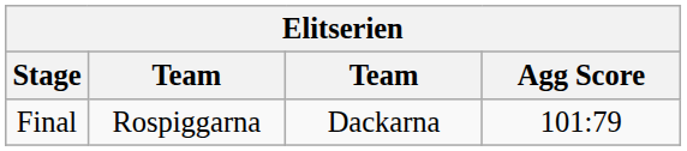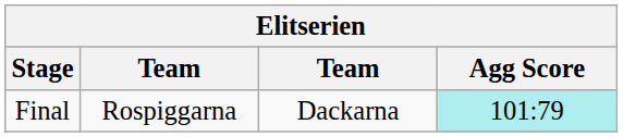 <table class="wikitable">
 <tr>
 <th colspan="4">Elitserien</th>
 </tr>
 <tr>
 <th width=20>Stage</th>
 <th width=100>Team</th>
 <th width=100>Team</th>
 <th width=100>Agg Score</th>
 </tr>
 <tr align=center>
 <td>Final</td>
 <td>Rospiggarna</td>
 <td>Dackarna</td>
-<td>101:79</td>
+<td style="background: paleturquoise;">101:79</td>
 </tr>
 </table>
